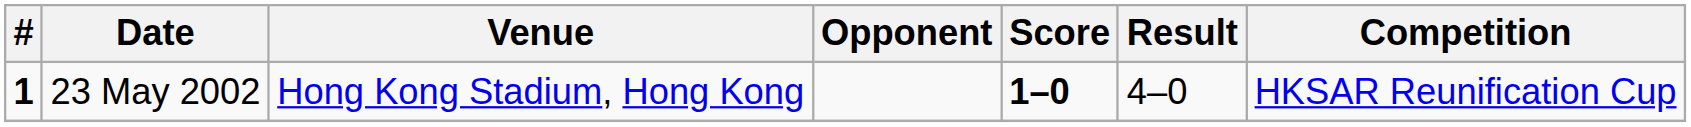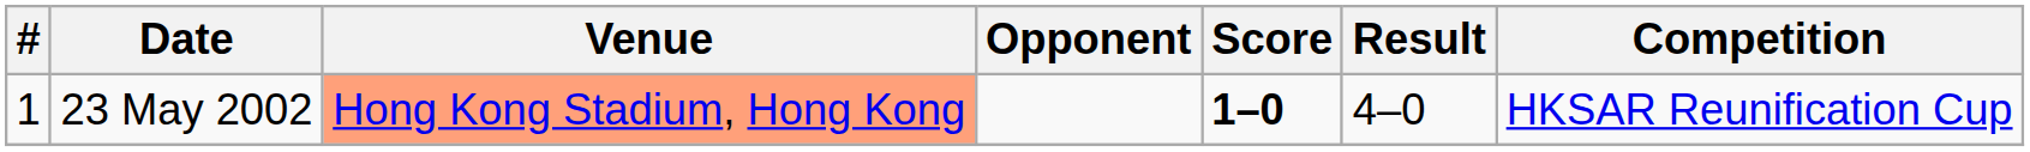 <table class="wikitable">
 <tr>
 <th>#</th>
 <th>Date</th>
 <th>Venue</th>
 <th>Opponent</th>
 <th>Score</th>
 <th>Result</th>
 <th>Competition</th>
 </tr>
 <tr>
-<td><strong>1</strong></td>
+<td>1</td>
 <td>23 May 2002</td>
-<td><a href='#'>Hong Kong Stadium</a>, <a href='#'>Hong Kong</a></td>
+<td style="background: lightsalmon;"><a href='#'>Hong Kong Stadium</a>, <a href='#'>Hong Kong</a></td>
 <td></td>
 <td><strong>1–0</strong></td>
 <td>4–0</td>
 <td><a href='#'>HKSAR Reunification Cup</a></td>
 </tr>
 <tr>
 </tr>
 </table>
